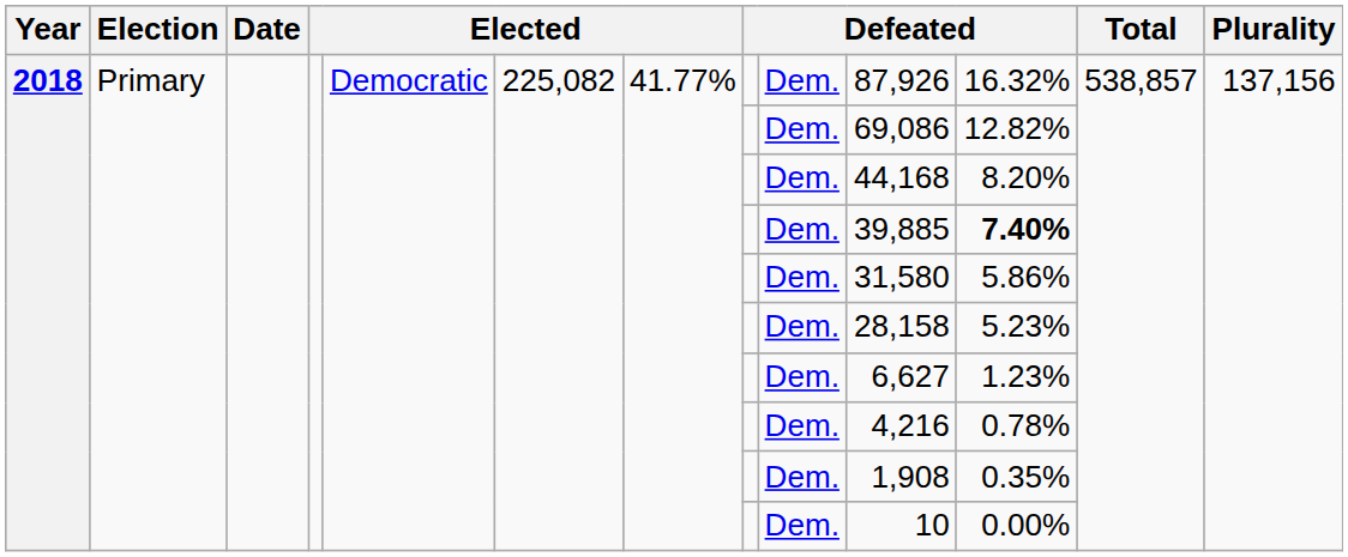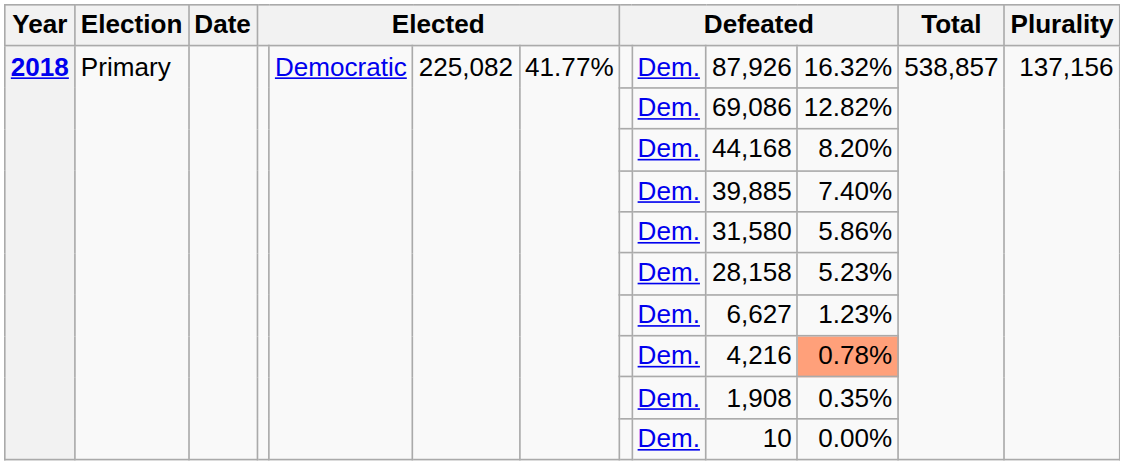 <table class="wikitable">
 <tr>
 <th>Year</th>
 <th>Election</th>
 <th>Date</th>
 <th colspan="4">Elected</th>
 <th colspan="4">Defeated</th>
 <th>Total</th>
 <th>Plurality</th>
 </tr>
 <tr>
 <th rowspan="10" valign="top"><a href='#'>2018</a></th>
 <td rowspan="10" valign="top">Primary</td>
 <td rowspan="10" valign="top"></td>
 <td rowspan="10" valign="top"></td>
 <td valign="top" rowspan="10" ><a href='#'>Democratic</a></td>
 <td rowspan="10" valign="top" align="right">225,082</td>
 <td rowspan="10" valign="top" align="right">41.77%</td>
 <td valign="top"></td>
 <td valign="top" ><a href='#'>Dem.</a></td>
 <td valign="top" align="right">87,926</td>
 <td valign="top" align="right">16.32%</td>
 <td rowspan="10" valign="top" align="right">538,857</td>
 <td rowspan="10" valign="top" align="right">137,156</td>
 </tr>
 <tr>
 <td valign="top"></td>
 <td valign="top" ><a href='#'>Dem.</a></td>
 <td valign="top" align="right">69,086</td>
 <td valign="top" align="right">12.82%</td>
 </tr>
 <tr>
 <td valign="top"></td>
 <td valign="top" ><a href='#'>Dem.</a></td>
 <td valign="top" align="right">44,168</td>
 <td valign="top" align="right">8.20%</td>
 </tr>
 <tr>
 <td valign="top"></td>
 <td valign="top" ><a href='#'>Dem.</a></td>
 <td valign="top" align="right">39,885</td>
-<td valign="top" align="right"><strong>7.40%</strong></td>
+<td valign="top" align="right">7.40%</td>
 </tr>
 <tr>
 <td valign="top"></td>
 <td valign="top" ><a href='#'>Dem.</a></td>
 <td valign="top" align="right">31,580</td>
 <td valign="top" align="right">5.86%</td>
 </tr>
 <tr>
 <td valign="top"></td>
 <td valign="top" ><a href='#'>Dem.</a></td>
 <td valign="top" align="right">28,158</td>
 <td valign="top" align="right">5.23%</td>
 </tr>
 <tr>
 <td valign="top"></td>
 <td valign="top" ><a href='#'>Dem.</a></td>
 <td valign="top" align="right">6,627</td>
 <td valign="top" align="right">1.23%</td>
 </tr>
 <tr>
 <td valign="top"></td>
 <td valign="top" ><a href='#'>Dem.</a></td>
 <td valign="top" align="right">4,216</td>
-<td valign="top" align="right">0.78%</td>
+<td valign="top" align="right" style="background: lightsalmon;">0.78%</td>
 </tr>
 <tr>
 <td valign="top"></td>
 <td valign="top" ><a href='#'>Dem.</a></td>
 <td valign="top" align="right">1,908</td>
 <td valign="top" align="right">0.35%</td>
 </tr>
 <tr>
 <td valign="top"></td>
 <td valign="top" ><a href='#'>Dem.</a></td>
 <td valign="top" align="right">10</td>
 <td valign="top" align="right">0.00%</td>
 </tr>
 </table>
